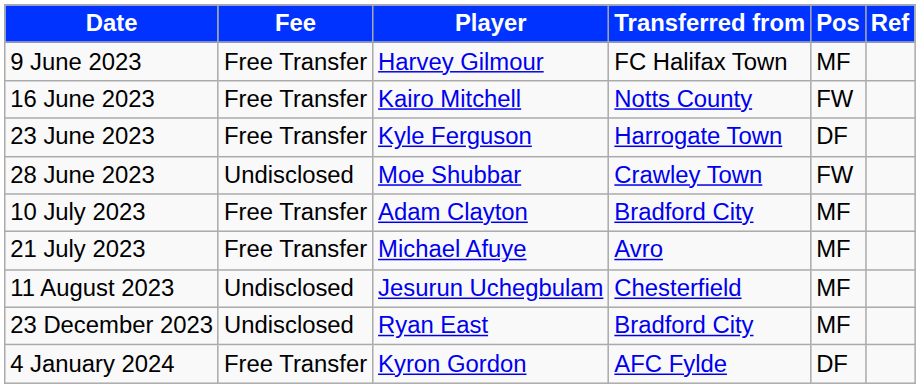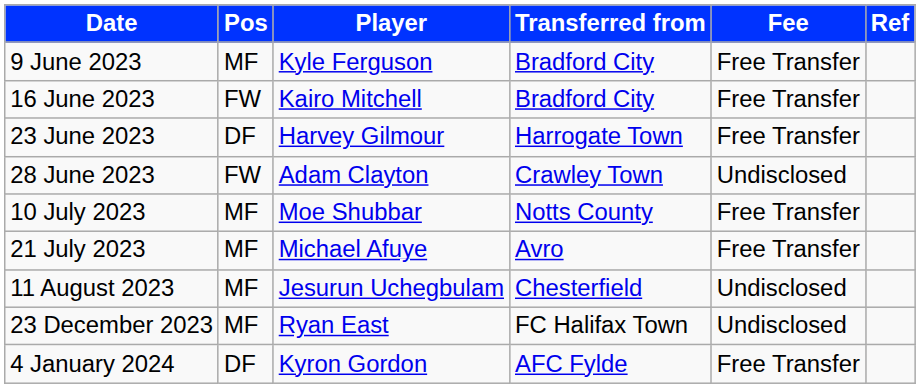 <table class="wikitable plainrowheaders sortable">
 <tr>
 <th style="background:#03f;color:#fff;">Date</th>
-<th style="background:#03f;color:#fff;">Fee</th>
+<th style="background:#03f;color:#fff;">Pos</th>
 <th style="background:#03f;color:#fff;">Player</th>
 <th style="background:#03f;color:#fff;">Transferred from</th>
-<th style="background:#03f;color:#fff;">Pos</th>
+<th style="background:#03f;color:#fff;">Fee</th>
 <th style="background:#03f;color:#fff;">Ref</th>
 </tr>
 <tr>
 <td>9 June 2023</td>
+<td>MF</td>
+<td> <a href='#'>Kyle Ferguson</a></td>
+<td> <a href='#'>Bradford City</a></td>
 <td>Free Transfer</td>
-<td> <a href='#'>Harvey Gilmour</a></td>
-<td> FC Halifax Town</td>
-<td>MF</td>
 <td></td>
 </tr>
 <tr>
 <td>16 June 2023</td>
+<td>FW</td>
+<td> <a href='#'>Kairo Mitchell</a></td>
+<td> <a href='#'>Bradford City</a></td>
 <td>Free Transfer</td>
-<td> <a href='#'>Kairo Mitchell</a></td>
-<td> <a href='#'>Notts County</a></td>
-<td>FW</td>
 <td></td>
 </tr>
 <tr>
 <td>23 June 2023</td>
+<td>DF</td>
+<td> <a href='#'>Harvey Gilmour</a></td>
+<td> <a href='#'>Harrogate Town</a></td>
 <td>Free Transfer</td>
-<td> <a href='#'>Kyle Ferguson</a></td>
-<td> <a href='#'>Harrogate Town</a></td>
-<td>DF</td>
 <td></td>
 </tr>
 <tr>
 <td>28 June 2023</td>
+<td>FW</td>
+<td> <a href='#'>Adam Clayton</a></td>
+<td> <a href='#'>Crawley Town</a></td>
 <td>Undisclosed</td>
-<td> <a href='#'>Moe Shubbar</a></td>
-<td> <a href='#'>Crawley Town</a></td>
-<td>FW</td>
 <td></td>
 </tr>
 <tr>
 <td>10 July 2023</td>
+<td>MF</td>
+<td> <a href='#'>Moe Shubbar</a></td>
+<td> <a href='#'>Notts County</a></td>
 <td>Free Transfer</td>
-<td> <a href='#'>Adam Clayton</a></td>
-<td> <a href='#'>Bradford City</a></td>
-<td>MF</td>
 <td></td>
 </tr>
 <tr>
 <td>21 July 2023</td>
-<td>Free Transfer</td>
+<td>MF</td>
 <td> <a href='#'>Michael Afuye</a></td>
 <td> <a href='#'>Avro</a></td>
-<td>MF</td>
+<td>Free Transfer</td>
 <td></td>
 </tr>
 <tr>
 <td>11 August 2023</td>
-<td>Undisclosed</td>
+<td>MF</td>
 <td> <a href='#'>Jesurun Uchegbulam</a></td>
 <td> <a href='#'>Chesterfield</a></td>
-<td>MF</td>
+<td>Undisclosed</td>
 <td></td>
 </tr>
 <tr>
 <td>23 December 2023</td>
+<td>MF</td>
+<td> <a href='#'>Ryan East</a></td>
+<td> FC Halifax Town</td>
 <td>Undisclosed</td>
-<td> <a href='#'>Ryan East</a></td>
-<td> <a href='#'>Bradford City</a></td>
-<td>MF</td>
 <td></td>
 </tr>
 <tr>
 <td>4 January 2024</td>
-<td>Free Transfer</td>
+<td>DF</td>
 <td> <a href='#'>Kyron Gordon</a></td>
 <td> <a href='#'>AFC Fylde</a></td>
-<td>DF</td>
+<td>Free Transfer</td>
 <td></td>
 </tr>
 </table>
